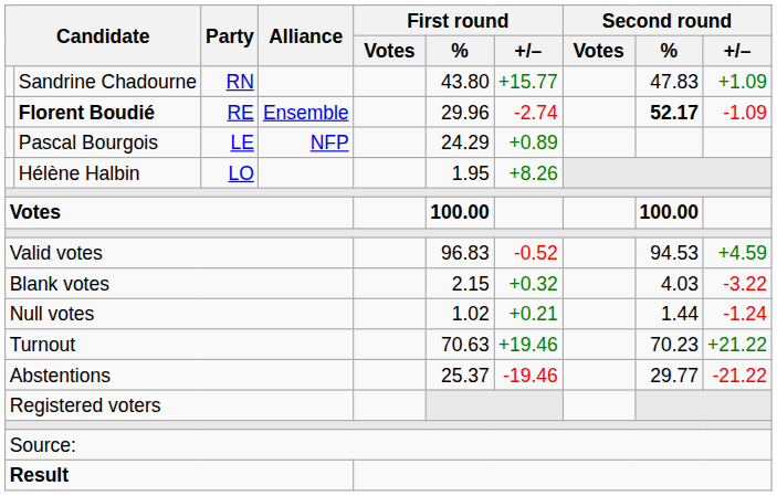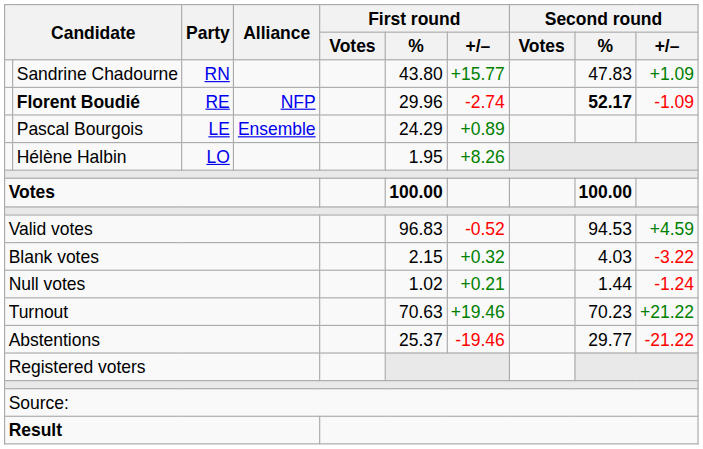 <table class="wikitable" style="text-align:right;font-size:95%;">
 <tr>
 <th rowspan="2" colspan="2">Candidate</th>
 <th colspan="1" rowspan="2">Party</th>
 <th colspan="1" rowspan="2">Alliance</th>
 <th colspan="3">First round</th>
 <th colspan="3">Second round</th>
 </tr>
 <tr>
 <th style="width:50px;">Votes</th>
 <th style="width:45px;">%</th>
 <th style="width:45px;">+/–</th>
 <th style="width:50px;">Votes</th>
 <th style="width:45px;">%</th>
 <th style="width:45px;">+/–</th>
 </tr>
 <tr>
 <td style="color:inherit;background:"></td>
 <td style="text-align:left;">Sandrine Chadourne</td>
 <td><a href='#'>RN</a></td>
 <td></td>
 <td></td>
 <td>43.80</td>
 <td style="color:green;">+15.77</td>
 <td></td>
 <td>47.83</td>
 <td style="color:green;">+1.09</td>
 </tr>
 <tr>
 <td style="color:inherit;background:"></td>
 <td style="text-align:left;"><strong>Florent Boudié</strong></td>
 <td><a href='#'>RE</a></td>
-<td><a href='#'>Ensemble</a></td>
+<td><a href='#'>NFP</a></td>
 <td></td>
 <td>29.96</td>
 <td style="color:red;">-2.74</td>
 <td><strong></strong></td>
 <td><strong>52.17</strong></td>
 <td style="color:red;">-1.09</td>
 </tr>
 <tr>
 <td style="color:inherit;background:"></td>
 <td style="text-align:left;">Pascal Bourgois</td>
 <td><a href='#'>LE</a></td>
-<td><a href='#'>NFP</a></td>
+<td><a href='#'>Ensemble</a></td>
 <td></td>
 <td>24.29</td>
 <td style="color:green;">+0.89</td>
 <td></td>
 <td></td>
 <td style="color:grey;"></td>
 </tr>
 <tr>
 <td style="color:inherit;background:"></td>
 <td style="text-align:left;">Hélène Halbin</td>
 <td><a href='#'>LO</a></td>
 <td></td>
 <td></td>
 <td>1.95</td>
 <td style="color:green;">+8.26</td>
 <td colspan="3" rowspan="1" style="background:#E9E9E9;"></td>
 </tr>
 <tr>
 <td colspan="10" style="background:#E9E9E9;"></td>
 </tr>
 <tr style="font-weight:bold;">
 <td colspan="4" style="text-align:left;">Votes</td>
 <td></td>
 <td>100.00</td>
 <td></td>
 <td></td>
 <td>100.00</td>
 <td></td>
 </tr>
 <tr>
 <td colspan="10" style="background:#E9E9E9;"></td>
 </tr>
 <tr>
 <td colspan="4" style="text-align:left;">Valid votes</td>
 <td></td>
 <td>96.83</td>
 <td style="color:red;">-0.52</td>
 <td></td>
 <td>94.53</td>
 <td style="color:green;">+4.59</td>
 </tr>
 <tr>
 <td colspan="4" style="text-align:left;">Blank votes</td>
 <td></td>
 <td>2.15</td>
 <td style="color:green;">+0.32</td>
 <td></td>
 <td>4.03</td>
 <td style="color:red;">-3.22</td>
 </tr>
 <tr>
 <td colspan="4" style="text-align:left;">Null votes</td>
 <td></td>
 <td>1.02</td>
 <td style="color:green;">+0.21</td>
 <td></td>
 <td>1.44</td>
 <td style="color:red;">-1.24</td>
 </tr>
 <tr>
 <td colspan="4" style="text-align:left;">Turnout</td>
 <td></td>
 <td>70.63</td>
 <td style="color:green;">+19.46</td>
 <td></td>
 <td>70.23</td>
 <td style="color:green;">+21.22</td>
 </tr>
 <tr>
 <td colspan="4" style="text-align:left;">Abstentions</td>
 <td></td>
 <td>25.37</td>
 <td style="color:red;">-19.46</td>
 <td></td>
 <td>29.77</td>
 <td style="color:red;">-21.22</td>
 </tr>
 <tr>
 <td colspan="4" style="text-align:left;">Registered voters</td>
 <td></td>
 <td colspan="2" style="background:#E9E9E9;"></td>
 <td></td>
 <td colspan="2" style="background:#E9E9E9;"></td>
 </tr>
 <tr>
 <td colspan="10" style="background:#E9E9E9;"></td>
 </tr>
 <tr>
 <td colspan="10" style="text-align:left;">Source: </td>
 </tr>
 <tr style="font-weight:bold">
 <td colspan="4" style="text-align:left;">Result</td>
 <td colspan="6" style="background-color:"></td>
 </tr>
 </table>
